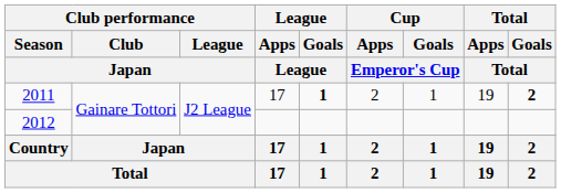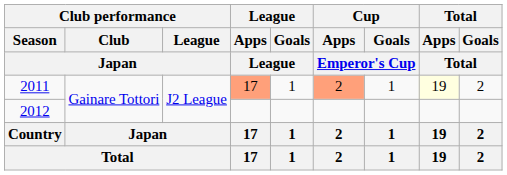 <table class="wikitable" style="text-align:center;">
 <tr>
 <th colspan=3>Club performance</th>
 <th colspan=2>League</th>
 <th colspan=2>Cup</th>
 <th colspan=2>Total</th>
 </tr>
 <tr>
 <th>Season</th>
 <th>Club</th>
 <th>League</th>
 <th>Apps</th>
 <th>Goals</th>
 <th>Apps</th>
 <th>Goals</th>
 <th>Apps</th>
 <th>Goals</th>
 </tr>
 <tr>
 <th colspan=3>Japan</th>
 <th colspan=2>League</th>
 <th colspan=2><a href='#'>Emperor's Cup</a></th>
 <th colspan=2>Total</th>
 </tr>
 <tr>
 <td><a href='#'>2011</a></td>
 <td rowspan="2"><a href='#'>Gainare Tottori</a></td>
 <td rowspan="2"><a href='#'>J2 League</a></td>
-<td>17</td>
-<td><strong>1</strong></td>
+<td style="background: lightsalmon;">17</td>
+<td>1</td>
+<td style="background: lightsalmon;">2</td>
+<td>1</td>
+<td style="background: lightyellow;">19</td>
 <td>2</td>
-<td>1</td>
-<td>19</td>
-<td><strong>2</strong></td>
 </tr>
 <tr>
 <td><a href='#'>2012</a></td>
 <td></td>
 <td></td>
 <td></td>
 <td></td>
 <td></td>
 <td></td>
 </tr>
 <tr>
 <th rowspan=1>Country</th>
 <th colspan=2>Japan</th>
 <th>17</th>
 <th>1</th>
 <th>2</th>
 <th>1</th>
 <th>19</th>
 <th>2</th>
 </tr>
 <tr>
 <th colspan=3>Total</th>
 <th>17</th>
 <th>1</th>
 <th>2</th>
 <th>1</th>
 <th>19</th>
 <th>2</th>
 </tr>
 </table>
